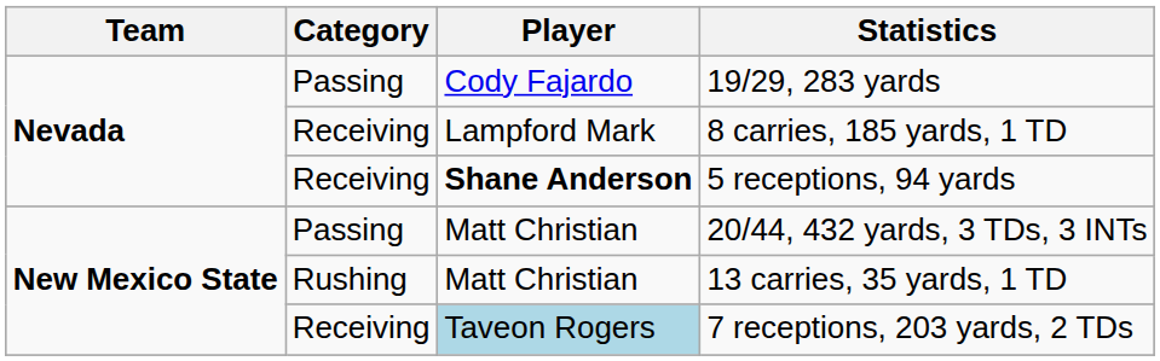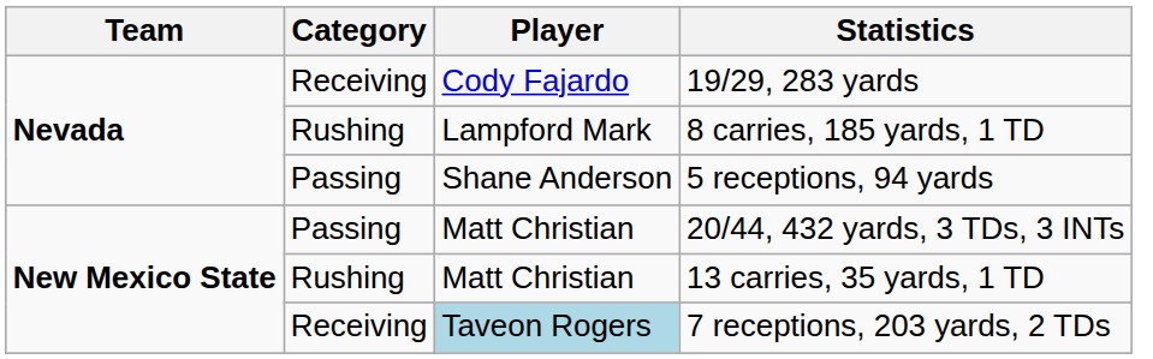 <table class="wikitable" style="float: left;">
 <tr>
 <th>Team</th>
 <th>Category</th>
 <th>Player</th>
 <th>Statistics</th>
 </tr>
 <tr>
 <td rowspan=3><strong>Nevada</strong></td>
-<td>Passing</td>
+<td>Receiving</td>
 <td><a href='#'>Cody Fajardo</a></td>
 <td>19/29, 283 yards</td>
 </tr>
 <tr>
-<td>Receiving</td>
+<td>Rushing</td>
 <td>Lampford Mark</td>
 <td>8 carries, 185 yards, 1 TD</td>
 </tr>
 <tr>
-<td>Receiving</td>
-<td><strong>Shane Anderson</strong></td>
+<td>Passing</td>
+<td>Shane Anderson</td>
 <td>5 receptions, 94 yards</td>
 </tr>
 <tr>
 <td rowspan=3><strong>New Mexico State</strong></td>
 <td>Passing</td>
 <td>Matt Christian</td>
 <td>20/44, 432 yards, 3 TDs, 3 INTs</td>
 </tr>
 <tr>
 <td>Rushing</td>
 <td>Matt Christian</td>
 <td>13 carries, 35 yards, 1 TD</td>
 </tr>
 <tr>
 <td>Receiving</td>
 <td style="background: lightblue;">Taveon Rogers</td>
 <td>7 receptions, 203 yards, 2 TDs</td>
 </tr>
 </table>
